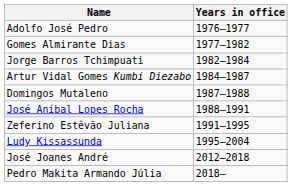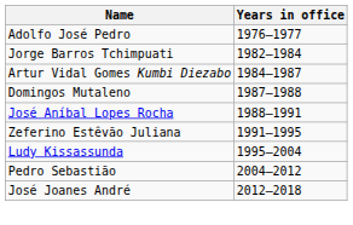 <table class="wikitable sortable">
 <tr>
 <th>Name</th>
 <th>Years in office</th>
 </tr>
 <tr>
 <td>Adolfo José Pedro</td>
 <td>1976–1977</td>
-</tr>
-<tr>
-<td>Gomes Almirante Dias</td>
-<td>1977–1982</td>
 </tr>
 <tr>
 <td>Jorge Barros Tchimpuati</td>
 <td>1982–1984</td>
 </tr>
 <tr>
 <td>Artur Vidal Gomes <em>Kumbi Diezabo</em></td>
 <td>1984–1987</td>
 </tr>
 <tr>
 <td>Domingos Mutaleno</td>
 <td>1987–1988</td>
 </tr>
 <tr>
 <td><a href='#'>José Aníbal Lopes Rocha</a></td>
 <td>1988–1991</td>
 </tr>
 <tr>
 <td>Zeferino Estêvão Juliana</td>
 <td>1991–1995</td>
 </tr>
 <tr>
 <td><a href='#'>Ludy Kissassunda</a></td>
 <td>1995–2004</td>
 </tr>
 <tr>
+<td>Pedro Sebastião</td>
+<td>2004–2012</td>
+</tr>
+<tr>
 <td>José Joanes André</td>
 <td>2012–2018</td>
 </tr>
-<tr>
-<td>Pedro Makita Armando Júlia</td>
-<td>2018–</td>
-</tr>
 </table>
